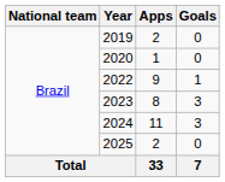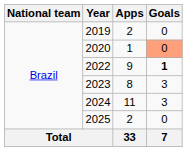 <table class="wikitable" style="text-align:center">
 <tr>
 <th>National team</th>
 <th>Year</th>
 <th>Apps</th>
 <th>Goals</th>
 </tr>
 <tr>
 <td rowspan="6"><a href='#'>Brazil</a></td>
 <td>2019</td>
 <td>2</td>
 <td>0</td>
 </tr>
 <tr>
 <td>2020</td>
 <td>1</td>
-<td>0</td>
+<td style="background: lightsalmon;">0</td>
 </tr>
 <tr>
 <td>2022</td>
 <td>9</td>
-<td>1</td>
+<td><strong>1</strong></td>
 </tr>
 <tr>
 <td>2023</td>
 <td>8</td>
 <td>3</td>
 </tr>
 <tr>
 <td>2024</td>
 <td>11</td>
 <td>3</td>
 </tr>
 <tr>
 <td>2025</td>
 <td>2</td>
 <td>0</td>
 </tr>
 <tr>
 <th colspan="2">Total</th>
 <th>33</th>
 <th>7</th>
 </tr>
 </table>
